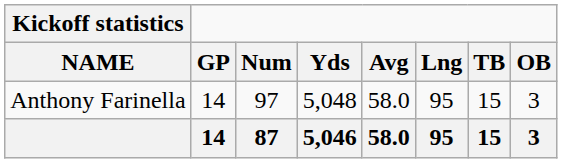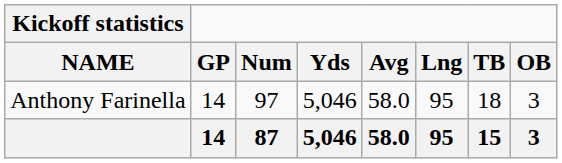 <table class="wikitable" style="text-align:center;">
 <tr>
 <th style="text-align:center; ">Kickoff statistics</th>
 </tr>
 <tr>
 <th>NAME</th>
 <th>GP</th>
 <th>Num</th>
 <th>Yds</th>
 <th>Avg</th>
 <th>Lng</th>
 <th>TB</th>
 <th>OB</th>
 </tr>
 <tr>
 <td>Anthony Farinella</td>
 <td>14</td>
 <td>97</td>
-<td>5,048</td>
+<td>5,046</td>
 <td>58.0</td>
 <td>95</td>
-<td>15</td>
+<td>18</td>
 <td>3</td>
 </tr>
 <tr>
 <th colspan="1"></th>
 <th>14</th>
 <th>87</th>
 <th>5,046</th>
 <th>58.0</th>
 <th>95</th>
 <th>15</th>
 <th>3</th>
 </tr>
 </table>
